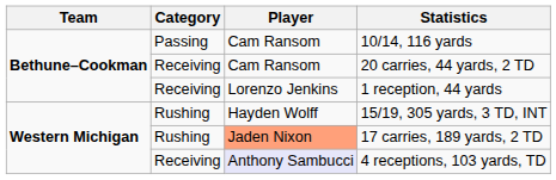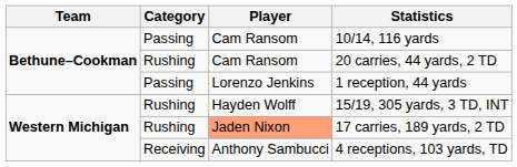 <table class="wikitable" style="float: right;">
 <tr>
 <th>Team</th>
 <th>Category</th>
 <th>Player</th>
 <th>Statistics</th>
 </tr>
 <tr>
 <td rowspan=3><strong>Bethune–Cookman</strong></td>
 <td>Passing</td>
 <td>Cam Ransom</td>
 <td>10/14, 116 yards</td>
 </tr>
 <tr>
-<td>Receiving</td>
+<td>Rushing</td>
 <td>Cam Ransom</td>
 <td>20 carries, 44 yards, 2 TD</td>
 </tr>
 <tr>
-<td>Receiving</td>
+<td>Passing</td>
 <td>Lorenzo Jenkins</td>
 <td>1 reception, 44 yards</td>
 </tr>
 <tr>
 <td rowspan=3><strong>Western Michigan</strong></td>
 <td>Rushing</td>
 <td>Hayden Wolff</td>
 <td>15/19, 305 yards, 3 TD, INT</td>
 </tr>
 <tr>
 <td>Rushing</td>
 <td style="background: lightsalmon;">Jaden Nixon</td>
 <td>17 carries, 189 yards, 2 TD</td>
 </tr>
 <tr>
 <td>Receiving</td>
-<td style="background: lavender;">Anthony Sambucci</td>
+<td>Anthony Sambucci</td>
 <td>4 receptions, 103 yards, TD</td>
 </tr>
 </table>
